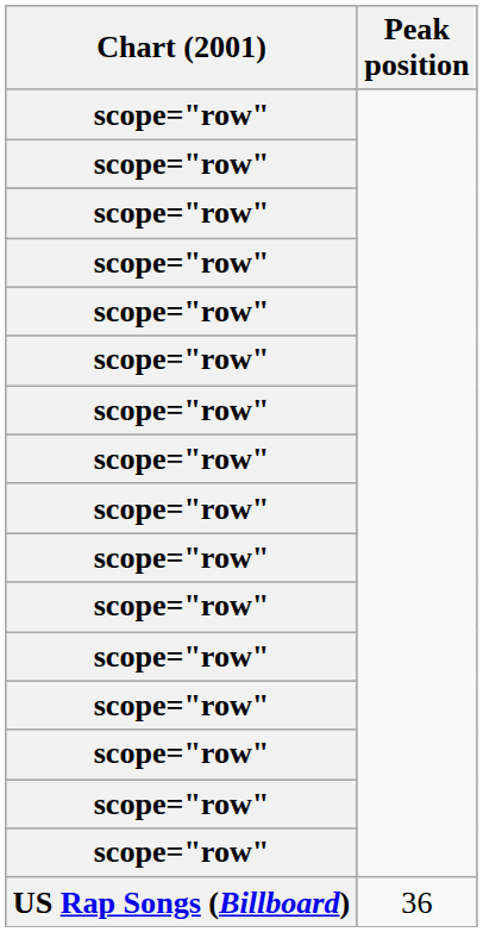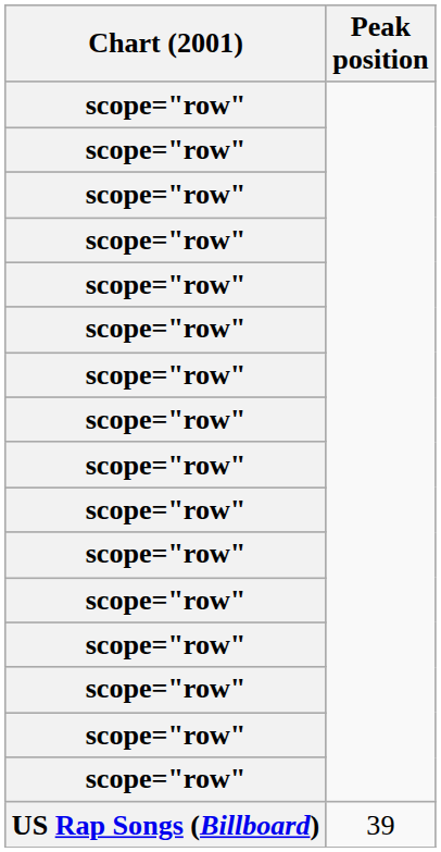 <table class="wikitable sortable plainrowheaders" style="text-align:center;">
 <tr>
 <th scope="col">Chart (2001)</th>
 <th scope="col">Peak<br>position</th>
 </tr>
 <tr>
 <th>scope="row"</th>
 </tr>
 <tr>
 <th>scope="row"</th>
 </tr>
 <tr>
 <th>scope="row"</th>
 </tr>
 <tr>
 <th>scope="row"</th>
 </tr>
 <tr>
 <th>scope="row"</th>
 </tr>
 <tr>
 <th>scope="row"</th>
 </tr>
 <tr>
 <th>scope="row"</th>
 </tr>
 <tr>
 <th>scope="row"</th>
 </tr>
 <tr>
 <th>scope="row"</th>
 </tr>
 <tr>
 <th>scope="row"</th>
 </tr>
 <tr>
 <th>scope="row"</th>
 </tr>
 <tr>
 <th>scope="row"</th>
 </tr>
 <tr>
 <th>scope="row"</th>
 </tr>
 <tr>
 <th>scope="row"</th>
 </tr>
 <tr>
 <th>scope="row"</th>
 </tr>
 <tr>
 <th>scope="row"</th>
 </tr>
 <tr>
 <th scope="row">US <a href='#'>Rap Songs</a> (<a href='#'><em>Billboard</em></a>)</th>
-<td>36</td>
+<td>39</td>
 </tr>
 <tr>
 </tr>
 </table>
